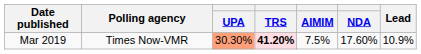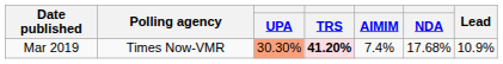 <table class="wikitable sortable" style="text-align:center;font-size:95%;line-height:16px">
 <tr>
 <th rowspan="2" width="100px">Date published</th>
 <th rowspan="2" width="175px">Polling agency</th>
 <th style="background:"></th>
 <th style="background:"></th>
 <th style="background:"></th>
 <th style="background:"></th>
 <th rowspan="2">Lead</th>
 </tr>
 <tr>
 <th width="50px" class="unsortable"><a href='#'>UPA</a></th>
 <th width="50px" class="unsortable"><a href='#'>TRS</a></th>
 <th width="50px" class="unsortable"><a href='#'>AIMIM</a></th>
 <th width="50px" class="unsortable"><a href='#'>NDA</a></th>
 </tr>
 <tr>
 <td>Mar 2019</td>
 <td>Times Now-VMR</td>
 <td style="background: lightsalmon;">30.30%</td>
 <td style="background:#FFDDE3"><strong>41.20%</strong></td>
-<td>7.5%</td>
-<td>17.60%</td>
+<td>7.4%</td>
+<td>17.68%</td>
 <td style="background:">10.9%</td>
 </tr>
 </table>
